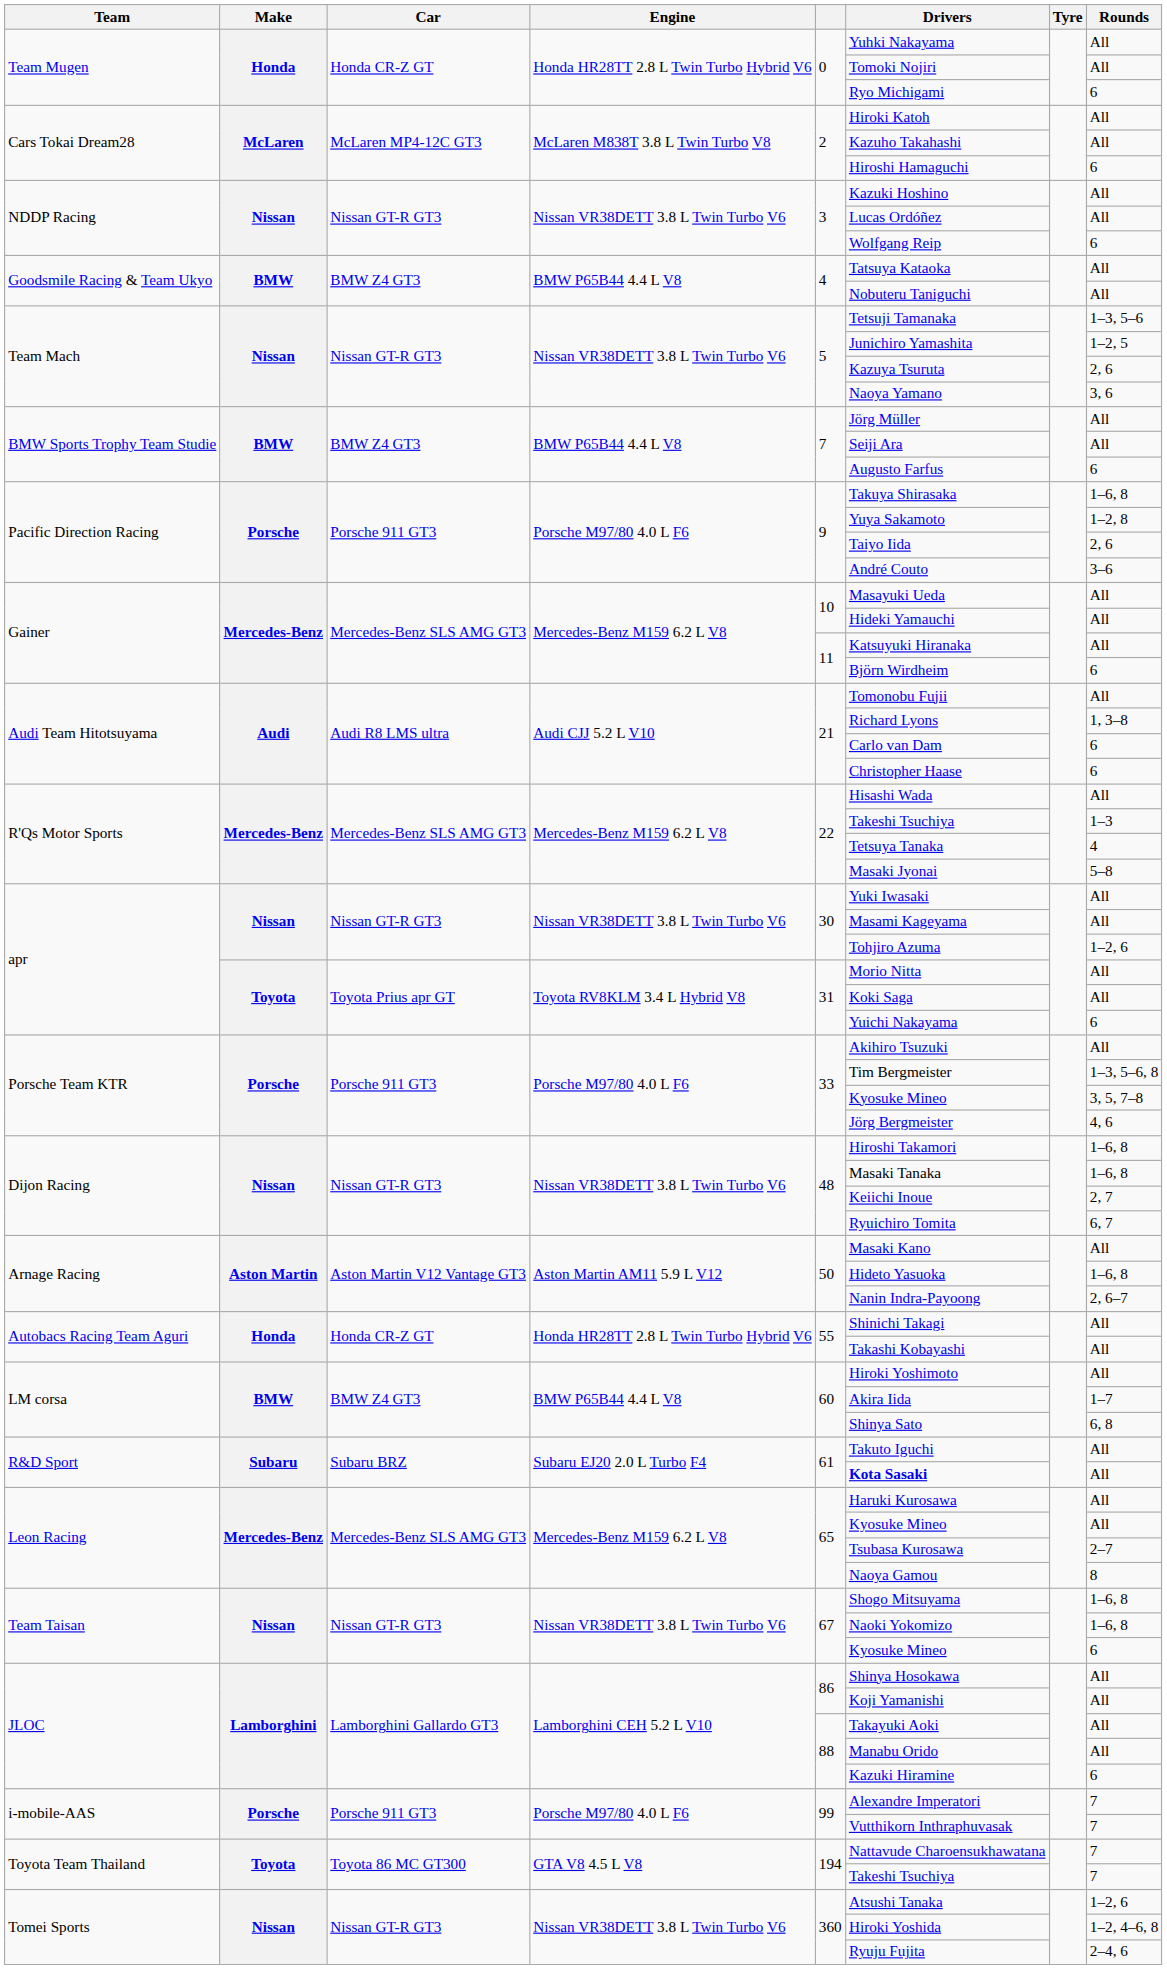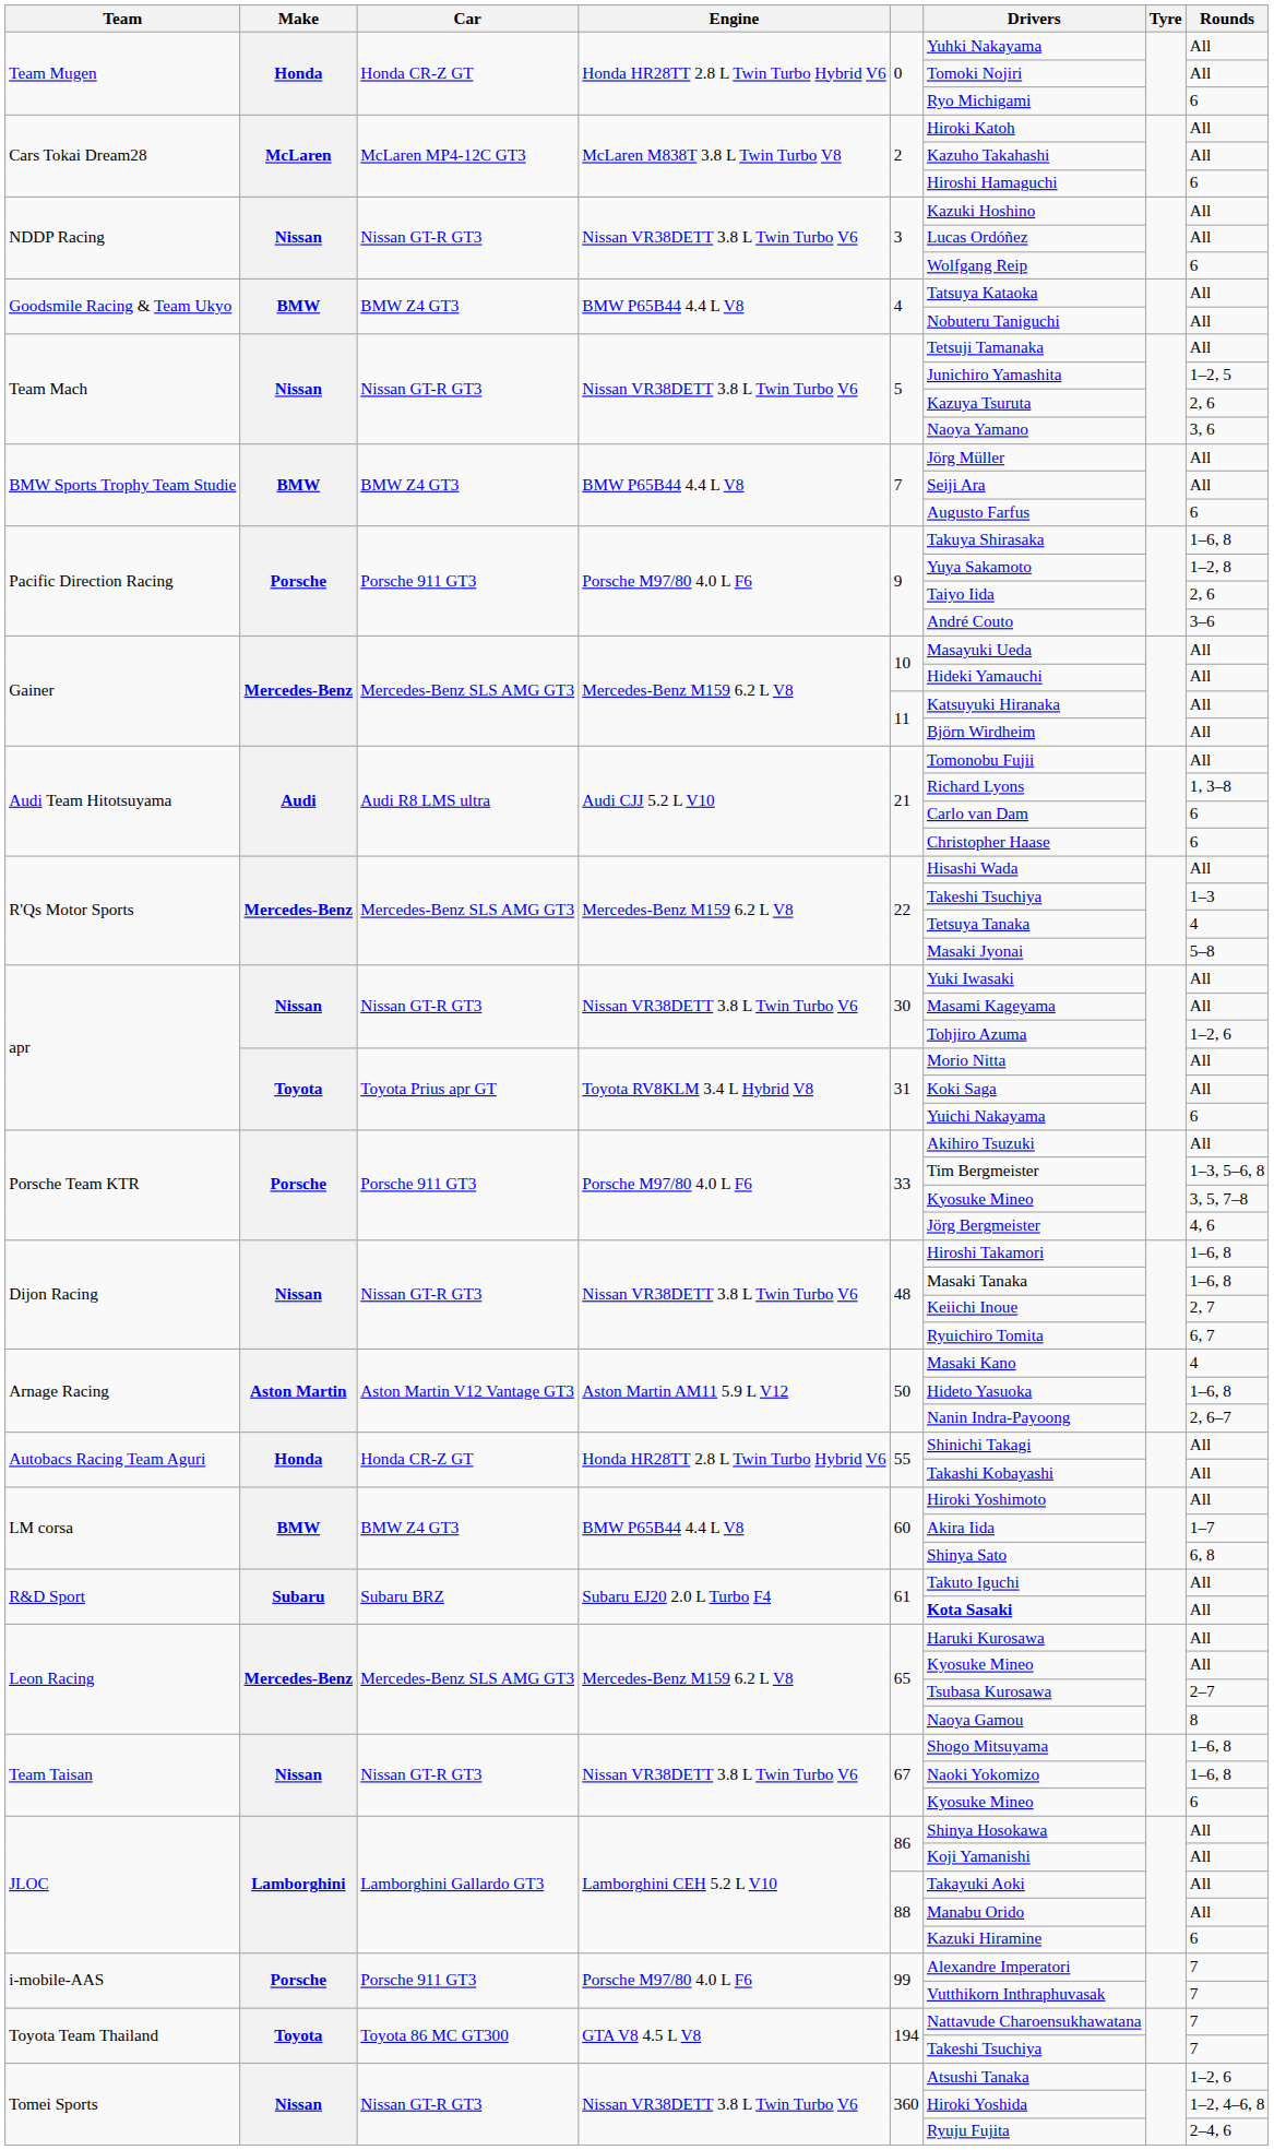 <table class="wikitable" style="font-size: 85%;">
 <tr>
 <th>Team</th>
 <th>Make</th>
 <th>Car</th>
 <th>Engine</th>
 <th></th>
 <th>Drivers</th>
 <th>Tyre</th>
 <th>Rounds</th>
 </tr>
 <tr>
 <td rowspan=3> <a href='#'>Team Mugen</a></td>
 <th rowspan=3><a href='#'>Honda</a></th>
 <td rowspan=3><a href='#'>Honda CR-Z GT</a></td>
 <td rowspan=3><a href='#'>Honda HR28TT</a> 2.8 L <a href='#'>Twin Turbo</a> <a href='#'>Hybrid</a> <a href='#'>V6</a></td>
 <td rowspan=3>0</td>
 <td> <a href='#'>Yuhki Nakayama</a></td>
 <td align=center rowspan=3></td>
 <td>All</td>
 </tr>
 <tr>
 <td> <a href='#'>Tomoki Nojiri</a></td>
 <td>All</td>
 </tr>
 <tr>
 <td> <a href='#'>Ryo Michigami</a></td>
 <td>6</td>
 </tr>
 <tr>
 <td rowspan=3> Cars Tokai Dream28</td>
 <th rowspan=3><a href='#'>McLaren</a></th>
 <td rowspan=3><a href='#'>McLaren MP4-12C GT3</a></td>
 <td rowspan=3><a href='#'>McLaren M838T</a> 3.8 L <a href='#'>Twin Turbo</a> <a href='#'>V8</a></td>
 <td rowspan=3>2</td>
 <td> <a href='#'>Hiroki Katoh</a></td>
 <td align=center rowspan=3></td>
 <td>All</td>
 </tr>
 <tr>
 <td> <a href='#'>Kazuho Takahashi</a></td>
 <td>All</td>
 </tr>
 <tr>
 <td> <a href='#'>Hiroshi Hamaguchi</a></td>
 <td>6</td>
 </tr>
 <tr>
 <td rowspan=3> NDDP Racing</td>
 <th rowspan=3><a href='#'>Nissan</a></th>
 <td rowspan=3><a href='#'>Nissan GT-R GT3</a></td>
 <td rowspan=3><a href='#'>Nissan VR38DETT</a> 3.8 L <a href='#'>Twin Turbo</a> <a href='#'>V6</a></td>
 <td rowspan=3>3</td>
 <td> <a href='#'>Kazuki Hoshino</a></td>
 <td align=center rowspan=3></td>
 <td>All</td>
 </tr>
 <tr>
 <td> <a href='#'>Lucas Ordóñez</a></td>
 <td>All</td>
 </tr>
 <tr>
 <td> <a href='#'>Wolfgang Reip</a></td>
 <td>6</td>
 </tr>
 <tr>
 <td rowspan=2> <a href='#'>Goodsmile Racing</a> & <a href='#'>Team Ukyo</a></td>
 <th rowspan=2><a href='#'>BMW</a></th>
 <td rowspan=2><a href='#'>BMW Z4 GT3</a></td>
 <td rowspan=2><a href='#'>BMW P65B44</a> 4.4 L <a href='#'>V8</a></td>
 <td rowspan=2>4</td>
 <td> <a href='#'>Tatsuya Kataoka</a></td>
 <td align=center rowspan=2></td>
 <td>All</td>
 </tr>
 <tr>
 <td> <a href='#'>Nobuteru Taniguchi</a></td>
 <td>All</td>
 </tr>
 <tr>
 <td rowspan=4> Team Mach</td>
 <th rowspan=4><a href='#'>Nissan</a></th>
 <td rowspan=4><a href='#'>Nissan GT-R GT3</a></td>
 <td rowspan=4><a href='#'>Nissan VR38DETT</a> 3.8 L <a href='#'>Twin Turbo</a> <a href='#'>V6</a></td>
 <td rowspan=4>5</td>
 <td> <a href='#'>Tetsuji Tamanaka</a></td>
 <td align=center rowspan=4></td>
-<td>1–3, 5–6</td>
+<td>All</td>
 </tr>
 <tr>
 <td> <a href='#'>Junichiro Yamashita</a></td>
 <td>1–2, 5</td>
 </tr>
 <tr>
 <td> <a href='#'>Kazuya Tsuruta</a></td>
 <td>2, 6</td>
 </tr>
 <tr>
 <td> <a href='#'>Naoya Yamano</a></td>
 <td>3, 6</td>
 </tr>
 <tr>
 <td rowspan=3> <a href='#'>BMW Sports Trophy Team Studie</a></td>
 <th rowspan=3><a href='#'>BMW</a></th>
 <td rowspan=3><a href='#'>BMW Z4 GT3</a></td>
 <td rowspan=3><a href='#'>BMW P65B44</a> 4.4 L <a href='#'>V8</a></td>
 <td rowspan=3>7</td>
 <td> <a href='#'>Jörg Müller</a></td>
 <td align=center rowspan=3></td>
 <td>All</td>
 </tr>
 <tr>
 <td> <a href='#'>Seiji Ara</a></td>
 <td>All</td>
 </tr>
 <tr>
 <td> <a href='#'>Augusto Farfus</a></td>
 <td>6</td>
 </tr>
 <tr>
 <td rowspan=4> Pacific Direction Racing</td>
 <th rowspan=4><a href='#'>Porsche</a></th>
 <td rowspan=4><a href='#'>Porsche 911 GT3</a></td>
 <td rowspan=4><a href='#'>Porsche M97/80</a> 4.0 L <a href='#'>F6</a></td>
 <td rowspan=4>9</td>
 <td> <a href='#'>Takuya Shirasaka</a></td>
 <td align=center rowspan=4></td>
 <td>1–6, 8</td>
 </tr>
 <tr>
 <td> <a href='#'>Yuya Sakamoto</a></td>
 <td>1–2, 8</td>
 </tr>
 <tr>
 <td> <a href='#'>Taiyo Iida</a></td>
 <td>2, 6</td>
 </tr>
 <tr>
 <td> <a href='#'>André Couto</a></td>
 <td>3–6</td>
 </tr>
 <tr>
 <td rowspan=4> Gainer</td>
 <th rowspan=4><a href='#'>Mercedes-Benz</a></th>
 <td rowspan=4><a href='#'>Mercedes-Benz SLS AMG GT3</a></td>
 <td rowspan=4><a href='#'>Mercedes-Benz M159</a> 6.2 L <a href='#'>V8</a></td>
 <td rowspan=2>10</td>
 <td> <a href='#'>Masayuki Ueda</a></td>
 <td align=center rowspan=4></td>
 <td>All</td>
 </tr>
 <tr>
 <td> <a href='#'>Hideki Yamauchi</a></td>
 <td>All</td>
 </tr>
 <tr>
 <td rowspan=2>11</td>
 <td> <a href='#'>Katsuyuki Hiranaka</a></td>
 <td>All</td>
 </tr>
 <tr>
 <td> <a href='#'>Björn Wirdheim</a></td>
-<td>6</td>
+<td>All</td>
 </tr>
 <tr>
 <td rowspan=4> <a href='#'>Audi</a> Team Hitotsuyama</td>
 <th rowspan=4><a href='#'>Audi</a></th>
 <td rowspan=4><a href='#'>Audi R8 LMS ultra</a></td>
 <td rowspan=4><a href='#'>Audi CJJ</a> 5.2 L <a href='#'>V10</a></td>
 <td rowspan=4>21</td>
 <td> <a href='#'>Tomonobu Fujii</a></td>
 <td align=center rowspan=4></td>
 <td>All</td>
 </tr>
 <tr>
 <td> <a href='#'>Richard Lyons</a></td>
 <td>1, 3–8</td>
 </tr>
 <tr>
 <td> <a href='#'>Carlo van Dam</a></td>
 <td>6</td>
 </tr>
 <tr>
 <td> <a href='#'>Christopher Haase</a></td>
 <td>6</td>
 </tr>
 <tr>
 <td rowspan=4> R'Qs Motor Sports</td>
 <th rowspan=4><a href='#'>Mercedes-Benz</a></th>
 <td rowspan=4><a href='#'>Mercedes-Benz SLS AMG GT3</a></td>
 <td rowspan=4><a href='#'>Mercedes-Benz M159</a> 6.2 L <a href='#'>V8</a></td>
 <td rowspan=4>22</td>
 <td> <a href='#'>Hisashi Wada</a></td>
 <td align=center rowspan=4></td>
 <td>All</td>
 </tr>
 <tr>
 <td> <a href='#'>Takeshi Tsuchiya</a></td>
 <td>1–3</td>
 </tr>
 <tr>
 <td> <a href='#'>Tetsuya Tanaka</a></td>
 <td>4</td>
 </tr>
 <tr>
 <td> <a href='#'>Masaki Jyonai</a></td>
 <td>5–8</td>
 </tr>
 <tr>
 <td rowspan=6> apr</td>
 <th rowspan=3><a href='#'>Nissan</a></th>
 <td rowspan=3><a href='#'>Nissan GT-R GT3</a></td>
 <td rowspan=3><a href='#'>Nissan VR38DETT</a> 3.8 L <a href='#'>Twin Turbo</a> <a href='#'>V6</a></td>
 <td rowspan=3>30</td>
 <td> <a href='#'>Yuki Iwasaki</a></td>
 <td align=center rowspan=6></td>
 <td>All</td>
 </tr>
 <tr>
 <td> <a href='#'>Masami Kageyama</a></td>
 <td>All</td>
 </tr>
 <tr>
 <td> <a href='#'>Tohjiro Azuma</a></td>
 <td>1–2, 6</td>
 </tr>
 <tr>
 <th rowspan=3><a href='#'>Toyota</a></th>
 <td rowspan=3><a href='#'>Toyota Prius apr GT</a></td>
 <td rowspan=3><a href='#'>Toyota RV8KLM</a> 3.4 L <a href='#'>Hybrid</a> <a href='#'>V8</a></td>
 <td rowspan=3>31</td>
 <td> <a href='#'>Morio Nitta</a></td>
 <td>All</td>
 </tr>
 <tr>
 <td> <a href='#'>Koki Saga</a></td>
 <td>All</td>
 </tr>
 <tr>
 <td> <a href='#'>Yuichi Nakayama</a></td>
 <td>6</td>
 </tr>
 <tr>
 <td rowspan=4> Porsche Team KTR</td>
 <th rowspan=4><a href='#'>Porsche</a></th>
 <td rowspan=4><a href='#'>Porsche 911 GT3</a></td>
 <td rowspan=4><a href='#'>Porsche M97/80</a> 4.0 L <a href='#'>F6</a></td>
 <td rowspan=4>33</td>
 <td> <a href='#'>Akihiro Tsuzuki</a></td>
 <td align=center rowspan=4></td>
 <td>All</td>
 </tr>
 <tr>
 <td> Tim Bergmeister</td>
 <td>1–3, 5–6, 8</td>
 </tr>
 <tr>
 <td> <a href='#'>Kyosuke Mineo</a></td>
 <td>3, 5, 7–8</td>
 </tr>
 <tr>
 <td> <a href='#'>Jörg Bergmeister</a></td>
 <td>4, 6</td>
 </tr>
 <tr>
 <td rowspan=4> Dijon Racing</td>
 <th rowspan=4><a href='#'>Nissan</a></th>
 <td rowspan=4><a href='#'>Nissan GT-R GT3</a></td>
 <td rowspan=4><a href='#'>Nissan VR38DETT</a> 3.8 L <a href='#'>Twin Turbo</a> <a href='#'>V6</a></td>
 <td rowspan=4>48</td>
 <td> <a href='#'>Hiroshi Takamori</a></td>
 <td align=center rowspan=4></td>
 <td>1–6, 8</td>
 </tr>
 <tr>
 <td> Masaki Tanaka</td>
 <td>1–6, 8</td>
 </tr>
 <tr>
 <td> <a href='#'>Keiichi Inoue</a></td>
 <td>2, 7</td>
 </tr>
 <tr>
 <td> <a href='#'>Ryuichiro Tomita</a></td>
 <td>6, 7</td>
 </tr>
 <tr>
 <td rowspan=3> Arnage Racing</td>
 <th rowspan=3><a href='#'>Aston Martin</a></th>
 <td rowspan=3><a href='#'>Aston Martin V12 Vantage GT3</a></td>
 <td rowspan=3><a href='#'>Aston Martin AM11</a> 5.9 L <a href='#'>V12</a></td>
 <td rowspan=3>50</td>
 <td> <a href='#'>Masaki Kano</a></td>
 <td align=center rowspan=3></td>
-<td>All</td>
+<td>4</td>
 </tr>
 <tr>
 <td> <a href='#'>Hideto Yasuoka</a></td>
 <td>1–6, 8</td>
 </tr>
 <tr>
 <td> <a href='#'>Nanin Indra-Payoong</a></td>
 <td>2, 6–7</td>
 </tr>
 <tr>
 <td rowspan=2> <a href='#'>Autobacs Racing Team Aguri</a></td>
 <th rowspan=2><a href='#'>Honda</a></th>
 <td rowspan=2><a href='#'>Honda CR-Z GT</a></td>
 <td rowspan=2><a href='#'>Honda HR28TT</a> 2.8 L <a href='#'>Twin Turbo</a> <a href='#'>Hybrid</a> <a href='#'>V6</a></td>
 <td rowspan=2>55</td>
 <td> <a href='#'>Shinichi Takagi</a></td>
 <td align=center rowspan=2></td>
 <td>All</td>
 </tr>
 <tr>
 <td> <a href='#'>Takashi Kobayashi</a></td>
 <td>All</td>
 </tr>
 <tr>
 <td rowspan=3> LM corsa</td>
 <th rowspan=3><a href='#'>BMW</a></th>
 <td rowspan=3><a href='#'>BMW Z4 GT3</a></td>
 <td rowspan=3><a href='#'>BMW P65B44</a> 4.4 L <a href='#'>V8</a></td>
 <td rowspan=3>60</td>
 <td> <a href='#'>Hiroki Yoshimoto</a></td>
 <td align=center rowspan=3></td>
 <td>All</td>
 </tr>
 <tr>
 <td> <a href='#'>Akira Iida</a></td>
 <td>1–7</td>
 </tr>
 <tr>
 <td> <a href='#'>Shinya Sato</a></td>
 <td>6, 8</td>
 </tr>
 <tr>
 <td rowspan=2> <a href='#'>R&D Sport</a></td>
 <th rowspan=2><a href='#'>Subaru</a></th>
 <td rowspan=2><a href='#'>Subaru BRZ</a></td>
 <td rowspan=2><a href='#'>Subaru EJ20</a> 2.0 L <a href='#'>Turbo</a> <a href='#'>F4</a></td>
 <td rowspan=2>61</td>
 <td> <a href='#'>Takuto Iguchi</a></td>
 <td align=center rowspan=2></td>
 <td>All</td>
 </tr>
 <tr>
 <td><strong> <a href='#'>Kota Sasaki</a></strong></td>
 <td>All</td>
 </tr>
 <tr>
 <td rowspan=4> <a href='#'>Leon Racing</a></td>
 <th rowspan=4><a href='#'>Mercedes-Benz</a></th>
 <td rowspan=4><a href='#'>Mercedes-Benz SLS AMG GT3</a></td>
 <td rowspan=4><a href='#'>Mercedes-Benz M159</a> 6.2 L <a href='#'>V8</a></td>
 <td rowspan=4>65</td>
 <td> <a href='#'>Haruki Kurosawa</a></td>
 <td align=center rowspan=4></td>
 <td>All</td>
 </tr>
 <tr>
 <td> <a href='#'>Kyosuke Mineo</a></td>
 <td>All</td>
 </tr>
 <tr>
 <td> <a href='#'>Tsubasa Kurosawa</a></td>
 <td>2–7</td>
 </tr>
 <tr>
 <td> <a href='#'>Naoya Gamou</a></td>
 <td>8</td>
 </tr>
 <tr>
 <td rowspan=3> <a href='#'>Team Taisan</a></td>
 <th rowspan=3><a href='#'>Nissan</a></th>
 <td rowspan=3><a href='#'>Nissan GT-R GT3</a></td>
 <td rowspan=3><a href='#'>Nissan VR38DETT</a> 3.8 L <a href='#'>Twin Turbo</a> <a href='#'>V6</a></td>
 <td rowspan=3>67</td>
 <td> <a href='#'>Shogo Mitsuyama</a></td>
 <td align=center rowspan=3></td>
 <td>1–6, 8</td>
 </tr>
 <tr>
 <td> <a href='#'>Naoki Yokomizo</a></td>
 <td>1–6, 8</td>
 </tr>
 <tr>
 <td> <a href='#'>Kyosuke Mineo</a></td>
 <td>6</td>
 </tr>
 <tr>
 <td rowspan=5> <a href='#'>JLOC</a></td>
 <th rowspan=5><a href='#'>Lamborghini</a></th>
 <td rowspan=5><a href='#'>Lamborghini Gallardo GT3</a></td>
 <td rowspan=5><a href='#'>Lamborghini CEH</a> 5.2 L <a href='#'>V10</a></td>
 <td rowspan=2>86</td>
 <td> <a href='#'>Shinya Hosokawa</a></td>
 <td align=center rowspan=5></td>
 <td>All</td>
 </tr>
 <tr>
 <td> <a href='#'>Koji Yamanishi</a></td>
 <td>All</td>
 </tr>
 <tr>
 <td rowspan=3>88</td>
 <td> <a href='#'>Takayuki Aoki</a></td>
 <td>All</td>
 </tr>
 <tr>
 <td> <a href='#'>Manabu Orido</a></td>
 <td>All</td>
 </tr>
 <tr>
 <td> <a href='#'>Kazuki Hiramine</a></td>
 <td>6</td>
 </tr>
 <tr>
 <td rowspan=2> i-mobile-AAS</td>
 <th rowspan=2><a href='#'>Porsche</a></th>
 <td rowspan=2><a href='#'>Porsche 911 GT3</a></td>
 <td rowspan=2><a href='#'>Porsche M97/80</a> 4.0 L <a href='#'>F6</a></td>
 <td rowspan=2>99</td>
 <td> <a href='#'>Alexandre Imperatori</a></td>
 <td align=center rowspan=2></td>
 <td>7</td>
 </tr>
 <tr>
 <td> <a href='#'>Vutthikorn Inthraphuvasak</a></td>
 <td>7</td>
 </tr>
 <tr>
 <td rowspan=2> Toyota Team Thailand</td>
 <th rowspan=2><a href='#'>Toyota</a></th>
 <td rowspan=2><a href='#'>Toyota 86 MC GT300</a></td>
 <td rowspan=2><a href='#'>GTA V8</a> 4.5 L <a href='#'>V8</a></td>
 <td rowspan=2>194</td>
 <td> <a href='#'>Nattavude Charoensukhawatana</a></td>
 <td align=center rowspan=2></td>
 <td>7</td>
 </tr>
 <tr>
 <td> <a href='#'>Takeshi Tsuchiya</a></td>
 <td>7</td>
 </tr>
 <tr>
 <td rowspan=3> Tomei Sports</td>
 <th rowspan=3><a href='#'>Nissan</a></th>
 <td rowspan=3><a href='#'>Nissan GT-R GT3</a></td>
 <td rowspan=3><a href='#'>Nissan VR38DETT</a> 3.8 L <a href='#'>Twin Turbo</a> <a href='#'>V6</a></td>
 <td rowspan=3>360</td>
 <td> <a href='#'>Atsushi Tanaka</a></td>
 <td align=center rowspan=3></td>
 <td>1–2, 6</td>
 </tr>
 <tr>
 <td> <a href='#'>Hiroki Yoshida</a></td>
 <td>1–2, 4–6, 8</td>
 </tr>
 <tr>
 <td> <a href='#'>Ryuju Fujita</a></td>
 <td>2–4, 6</td>
 </tr>
 </table>
